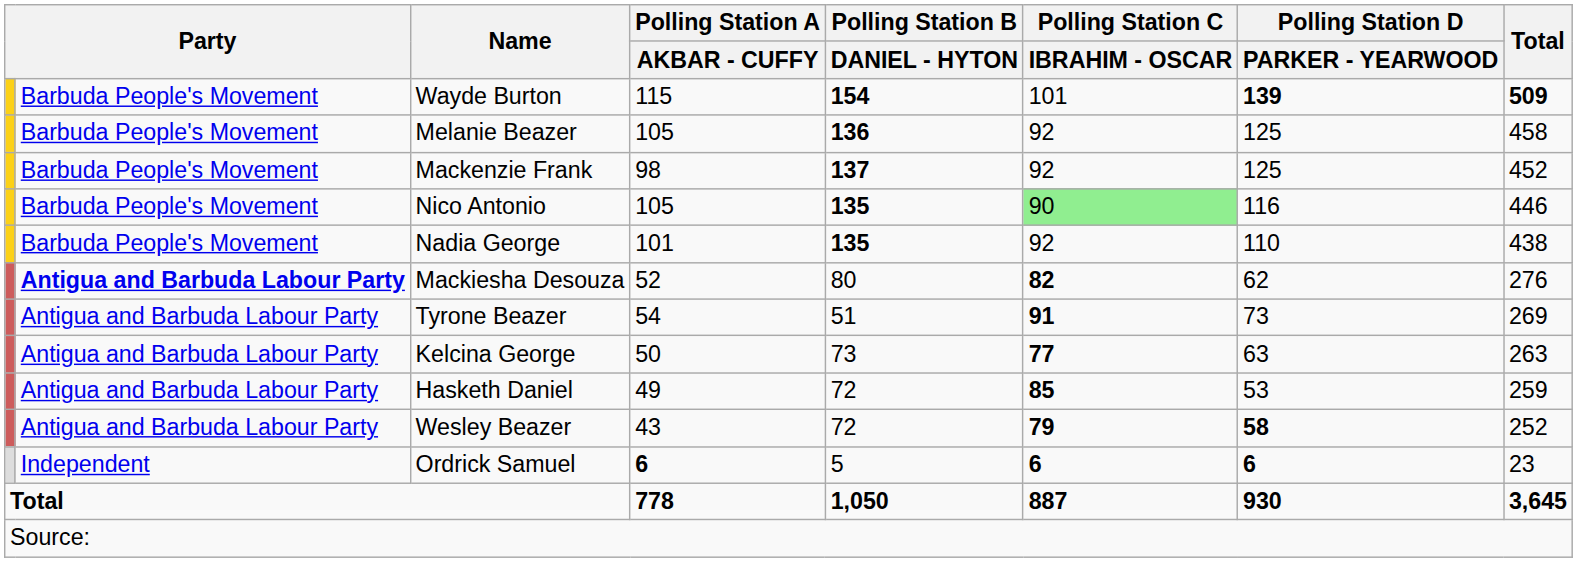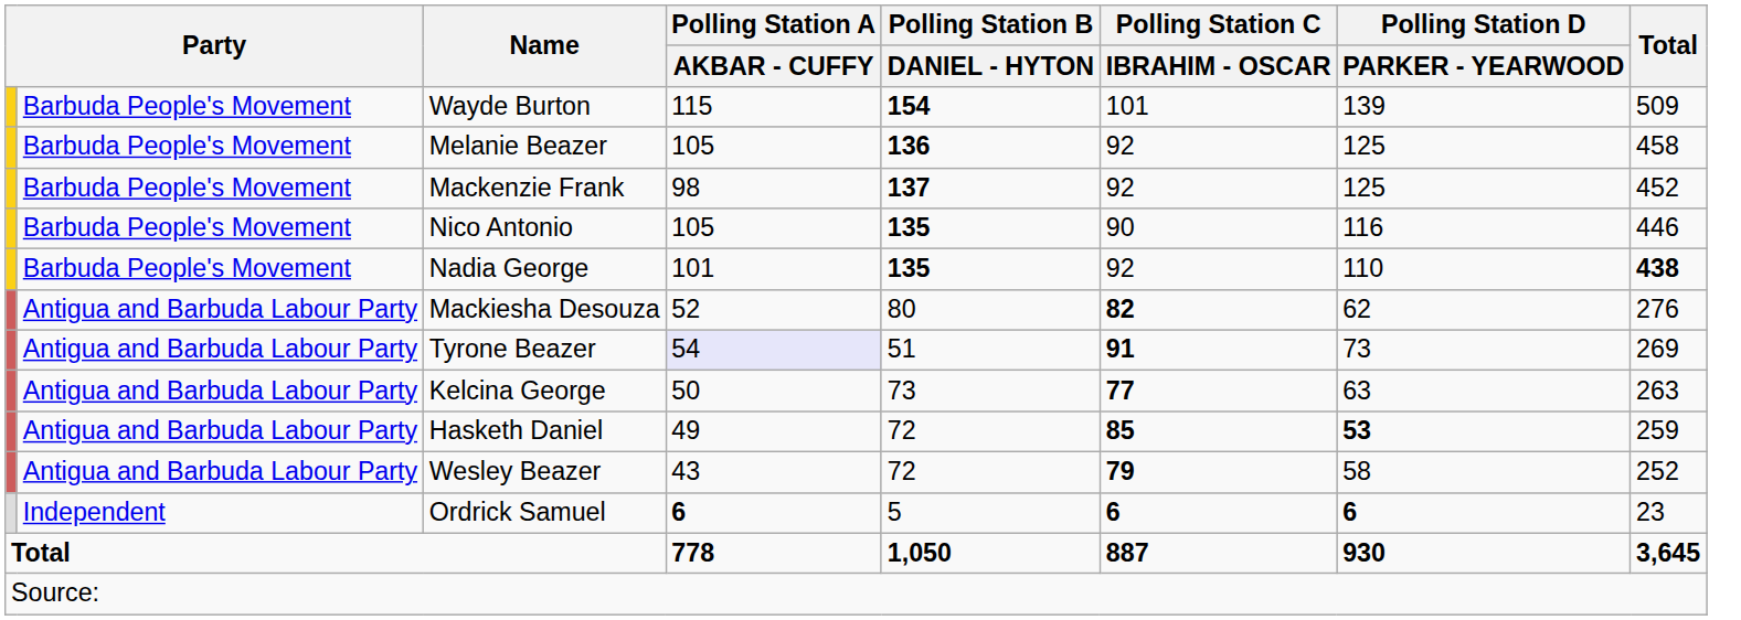 <table class="wikitable sortable">
 <tr>
 <th colspan="2" rowspan="2">Party</th>
 <th rowspan="2">Name</th>
 <th>Polling Station A</th>
 <th>Polling Station B</th>
 <th>Polling Station C</th>
 <th>Polling Station D</th>
 <th rowspan="2">Total</th>
 </tr>
 <tr>
 <th>AKBAR - CUFFY</th>
 <th>DANIEL - HYTON</th>
 <th>IBRAHIM - OSCAR</th>
 <th>PARKER - YEARWOOD</th>
 </tr>
 <tr>
 <th style="background-color: #FCD116"></th>
 <td><a href='#'>Barbuda People's Movement</a></td>
 <td>Wayde Burton</td>
 <td>115</td>
 <td><strong>154</strong></td>
 <td>101</td>
-<td><strong>139</strong></td>
-<td><strong>509</strong></td>
+<td>139</td>
+<td>509</td>
 </tr>
 <tr>
 <th style="background-color: #FCD116"></th>
 <td><a href='#'>Barbuda People's Movement</a></td>
 <td>Melanie Beazer</td>
 <td>105</td>
 <td><strong>136</strong></td>
 <td>92</td>
 <td>125</td>
 <td>458</td>
 </tr>
 <tr>
 <th style="background-color: #FCD116"></th>
 <td><a href='#'>Barbuda People's Movement</a></td>
 <td>Mackenzie Frank</td>
 <td>98</td>
 <td><strong>137</strong></td>
 <td>92</td>
 <td>125</td>
 <td>452</td>
 </tr>
 <tr>
 <th style="background-color: #FCD116"></th>
 <td><a href='#'>Barbuda People's Movement</a></td>
 <td>Nico Antonio</td>
 <td>105</td>
 <td><strong>135</strong></td>
-<td style="background: lightgreen;">90</td>
+<td>90</td>
 <td>116</td>
 <td>446</td>
 </tr>
 <tr>
 <th style="background-color: #FCD116"></th>
 <td><a href='#'>Barbuda People's Movement</a></td>
 <td>Nadia George</td>
 <td>101</td>
 <td><strong>135</strong></td>
 <td>92</td>
 <td>110</td>
-<td>438</td>
+<td><strong>438</strong></td>
 </tr>
 <tr>
 <th style="background-color: #CD5C5C"></th>
-<td><strong><a href='#'>Antigua and Barbuda Labour Party</a></strong></td>
+<td><a href='#'>Antigua and Barbuda Labour Party</a></td>
 <td>Mackiesha Desouza</td>
 <td>52</td>
 <td>80</td>
 <td><strong>82</strong></td>
 <td>62</td>
 <td>276</td>
 </tr>
 <tr>
 <th style="background-color: #CD5C5C"></th>
 <td><a href='#'>Antigua and Barbuda Labour Party</a></td>
 <td>Tyrone Beazer</td>
-<td>54</td>
+<td style="background: lavender;">54</td>
 <td>51</td>
 <td><strong>91</strong></td>
 <td>73</td>
 <td>269</td>
 </tr>
 <tr>
 <th style="background-color: #CD5C5C"></th>
 <td><a href='#'>Antigua and Barbuda Labour Party</a></td>
 <td>Kelcina George</td>
 <td>50</td>
 <td>73</td>
 <td><strong>77</strong></td>
 <td>63</td>
 <td>263</td>
 </tr>
 <tr>
 <th style="background-color: #CD5C5C"></th>
 <td><a href='#'>Antigua and Barbuda Labour Party</a></td>
 <td>Hasketh Daniel</td>
 <td>49</td>
 <td>72</td>
 <td><strong>85</strong></td>
-<td>53</td>
+<td><strong>53</strong></td>
 <td>259</td>
 </tr>
 <tr>
 <th style="background-color: #CD5C5C"></th>
 <td><a href='#'>Antigua and Barbuda Labour Party</a></td>
 <td>Wesley Beazer</td>
 <td>43</td>
 <td>72</td>
 <td><strong>79</strong></td>
-<td><strong>58</strong></td>
+<td>58</td>
 <td>252</td>
 </tr>
 <tr>
 <th style="background-color: #DDDDDD"></th>
 <td><a href='#'>Independent</a></td>
 <td>Ordrick Samuel</td>
 <td><strong>6</strong></td>
 <td>5</td>
 <td><strong>6</strong></td>
 <td><strong>6</strong></td>
 <td>23</td>
 </tr>
 <tr>
 <td colspan="3"><strong>Total</strong></td>
 <td><strong>778</strong></td>
 <td><strong>1,050</strong></td>
 <td><strong>887</strong></td>
 <td><strong>930</strong></td>
 <td><strong>3,645</strong></td>
 </tr>
 <tr>
 <td colspan="8">Source: </td>
 </tr>
 </table>
